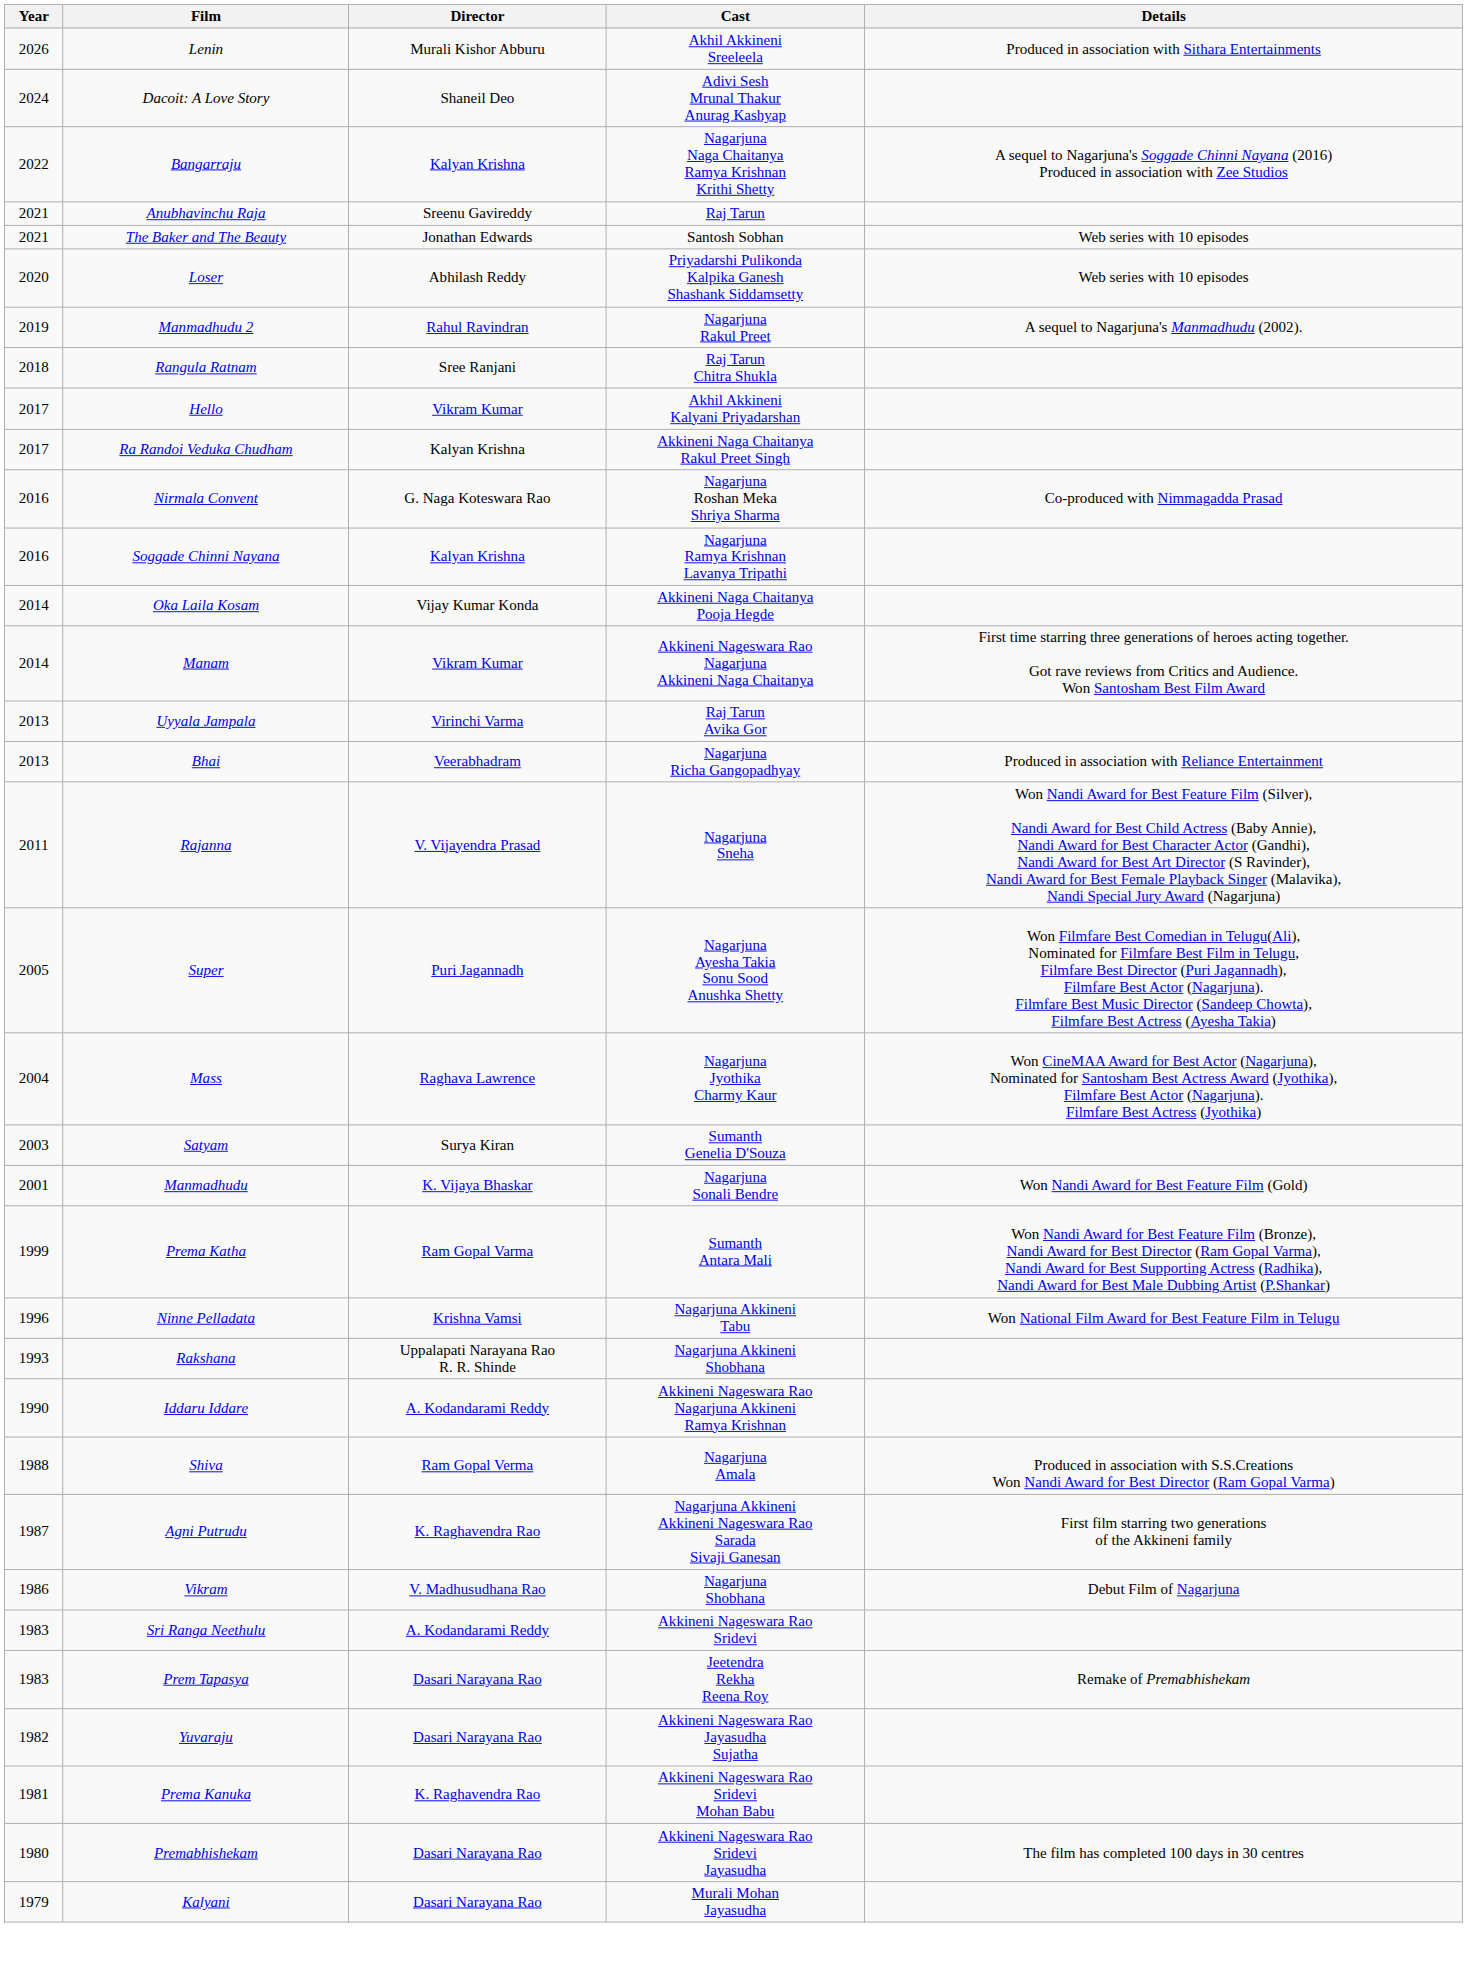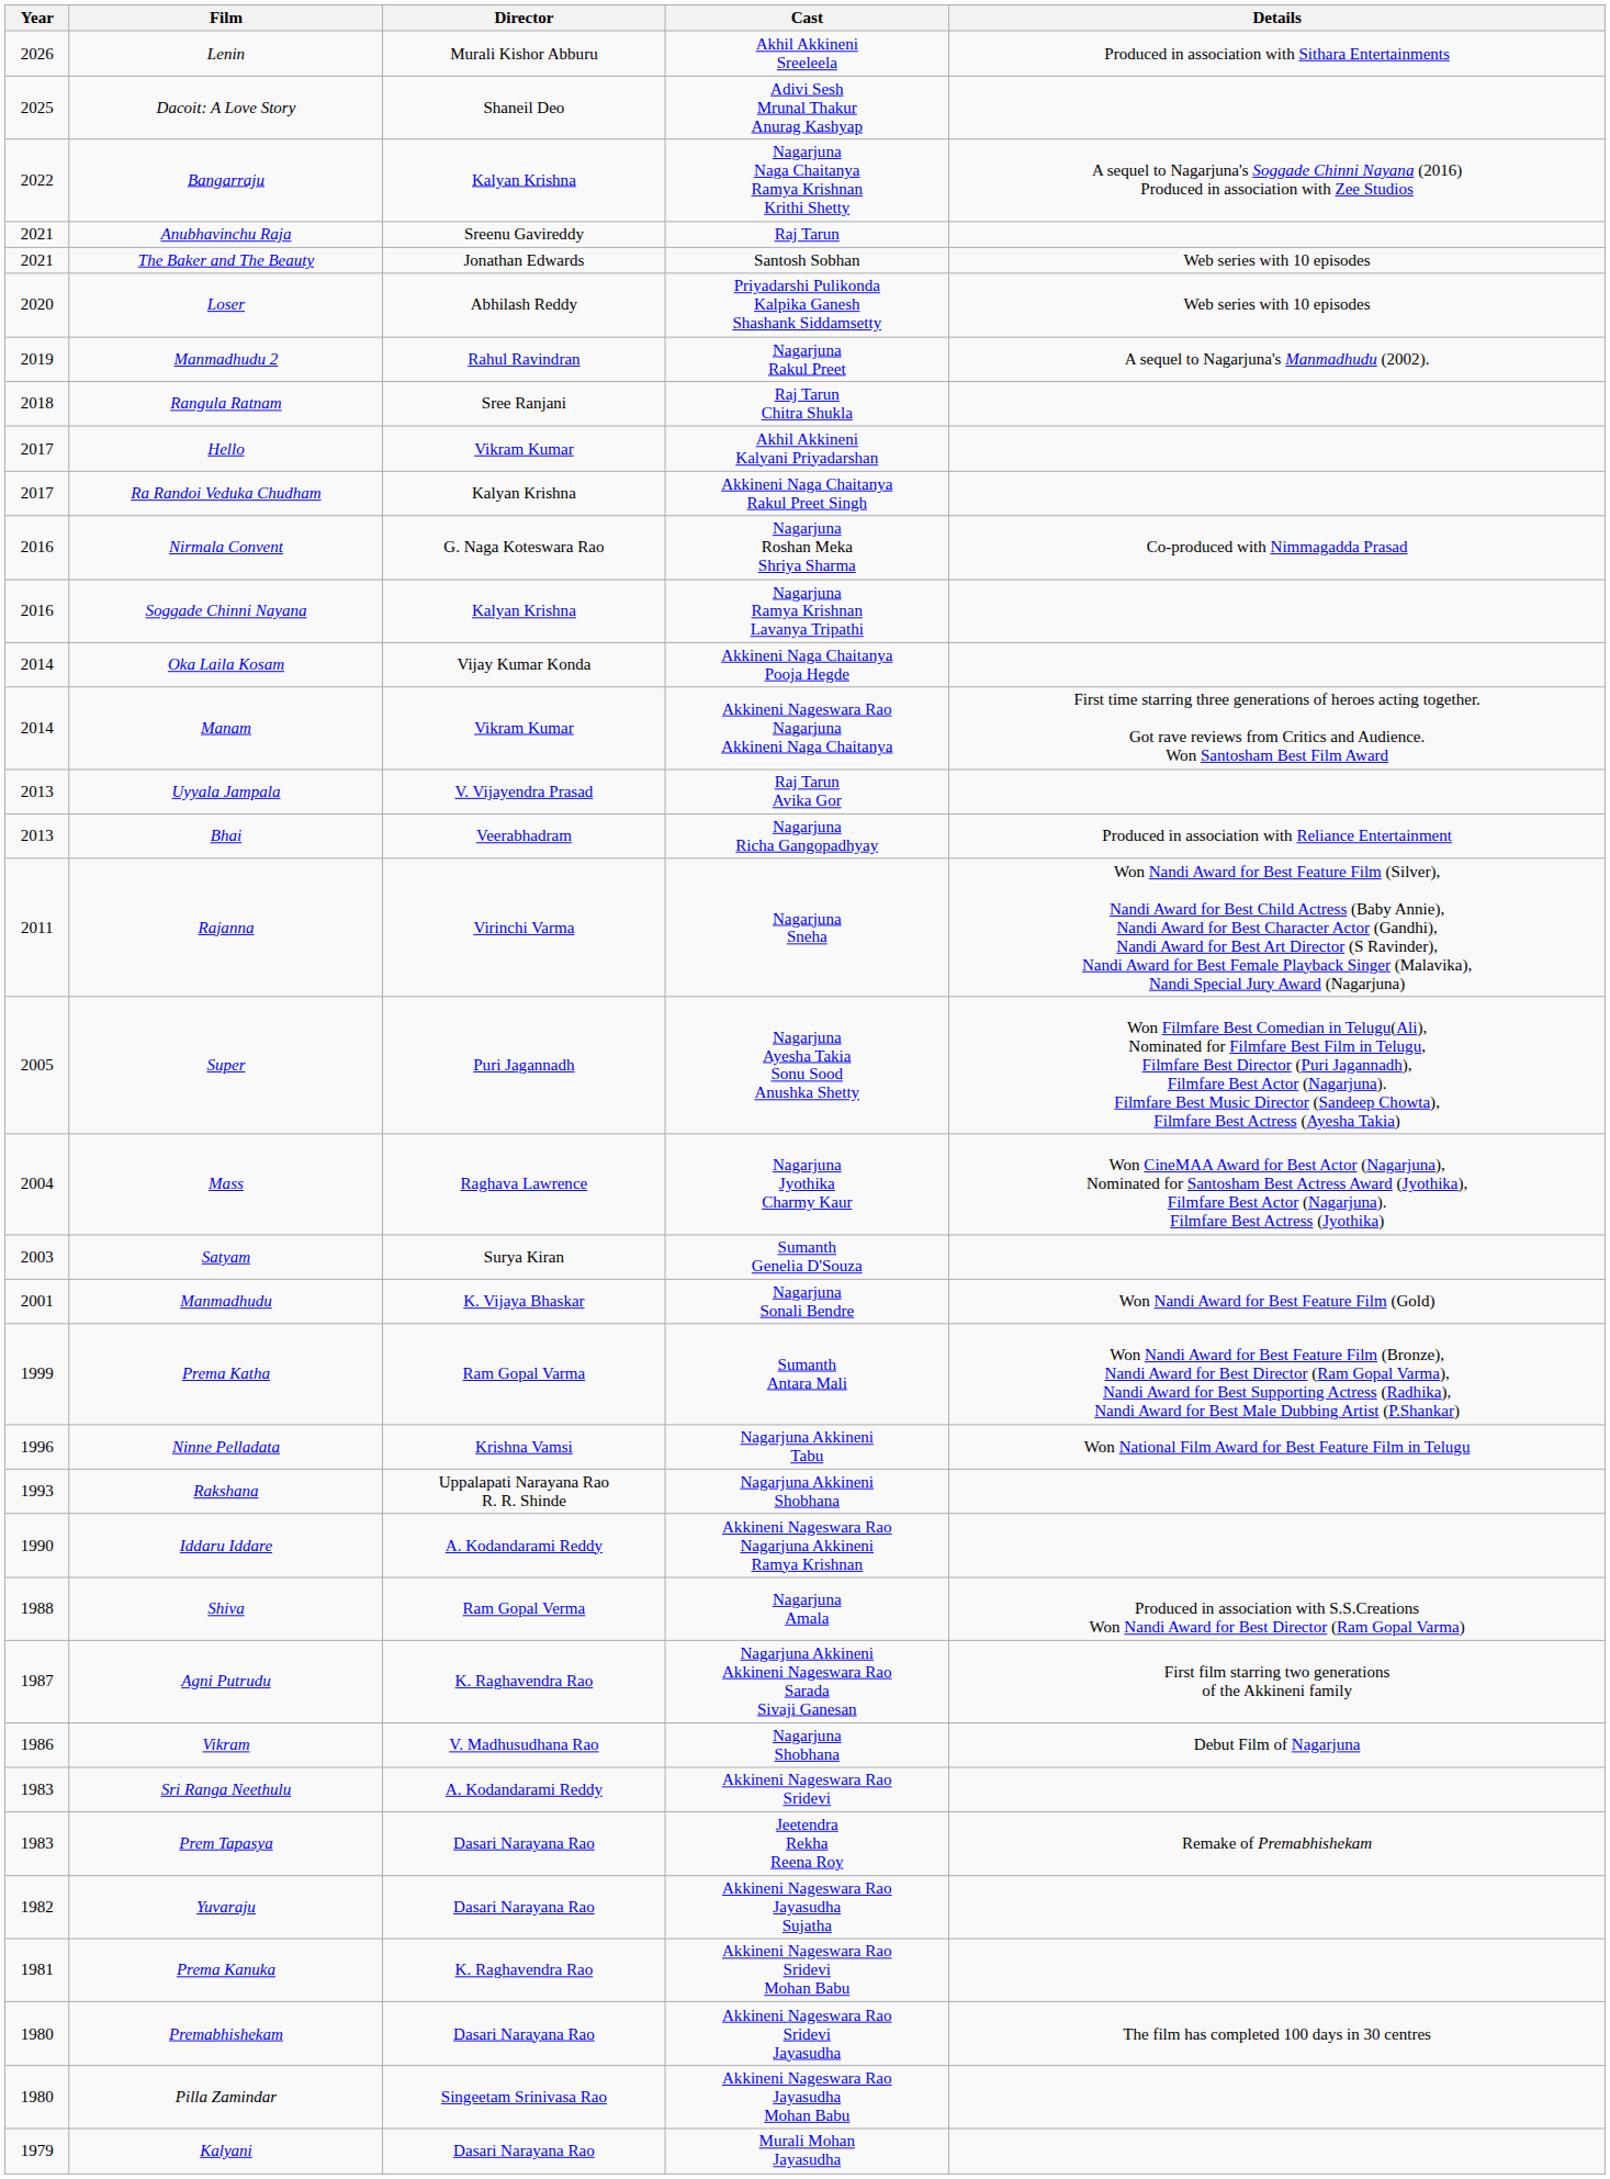 <table class="wikitable sortable"  style="text-align:center; width:98%;">
 <tr>
 <th>Year</th>
 <th>Film</th>
 <th>Director</th>
 <th>Cast</th>
 <th>Details</th>
 </tr>
 <tr>
 <td>2026</td>
 <td><em>Lenin</em></td>
 <td>Murali Kishor Abburu</td>
 <td><a href='#'>Akhil Akkineni</a>  <br> <a href='#'>Sreeleela</a></td>
 <td>Produced in association with <a href='#'>Sithara Entertainments</a></td>
 </tr>
 <tr>
-<td>2024</td>
+<td>2025</td>
 <td><em>Dacoit: A Love Story</em></td>
 <td>Shaneil Deo</td>
 <td><a href='#'>Adivi Sesh</a><br><a href='#'>Mrunal Thakur</a><br><a href='#'>Anurag Kashyap</a></td>
 <td></td>
 </tr>
 <tr>
 <td>2022</td>
 <td><em><a href='#'>Bangarraju</a></em></td>
 <td><a href='#'>Kalyan Krishna</a></td>
 <td><a href='#'>Nagarjuna</a><br><a href='#'>Naga Chaitanya</a><br><a href='#'>Ramya Krishnan</a><br><a href='#'>Krithi Shetty</a></td>
 <td>A sequel to Nagarjuna's <em><a href='#'>Soggade Chinni Nayana</a></em> (2016)<br>Produced in association with <a href='#'>Zee Studios</a></td>
 </tr>
 <tr>
 <td>2021</td>
 <td><em><a href='#'>Anubhavinchu Raja</a></em></td>
 <td>Sreenu Gavireddy</td>
 <td><a href='#'>Raj Tarun</a></td>
 <td></td>
 </tr>
 <tr>
 <td>2021</td>
 <td><a href='#'><em>The Baker and The Beauty</em></a></td>
 <td>Jonathan Edwards</td>
 <td>Santosh Sobhan</td>
 <td>Web series with 10 episodes</td>
 </tr>
 <tr>
 <td>2020</td>
 <td><em><a href='#'>Loser</a></em></td>
 <td>Abhilash Reddy</td>
 <td><a href='#'>Priyadarshi Pulikonda</a><br><a href='#'>Kalpika Ganesh</a><br><a href='#'>Shashank Siddamsetty</a></td>
 <td>Web series with 10 episodes</td>
 </tr>
 <tr>
 <td>2019</td>
 <td><em><a href='#'>Manmadhudu 2</a></em></td>
 <td><a href='#'>Rahul Ravindran</a></td>
 <td><a href='#'>Nagarjuna</a>  <br> <a href='#'>Rakul Preet</a></td>
 <td>A sequel to Nagarjuna's <em><a href='#'>Manmadhudu</a></em> (2002).</td>
 </tr>
 <tr>
 <td>2018</td>
 <td><em><a href='#'>Rangula Ratnam</a></em></td>
 <td>Sree Ranjani</td>
 <td><a href='#'>Raj Tarun</a>  <br> <a href='#'>Chitra Shukla</a></td>
 <td></td>
 </tr>
 <tr>
 <td>2017</td>
 <td><em><a href='#'>Hello</a> </em></td>
 <td><a href='#'>Vikram Kumar</a></td>
 <td><a href='#'>Akhil Akkineni</a>  <br> <a href='#'>Kalyani Priyadarshan</a></td>
 <td></td>
 </tr>
 <tr>
 <td>2017</td>
 <td><em><a href='#'>Ra Randoi Veduka Chudham</a> </em></td>
 <td>Kalyan Krishna</td>
 <td><a href='#'>Akkineni Naga Chaitanya</a> <br> <a href='#'>Rakul Preet Singh</a></td>
 <td></td>
 </tr>
 <tr>
 <td>2016</td>
 <td><em><a href='#'>Nirmala Convent</a> </em></td>
 <td>G. Naga Koteswara Rao</td>
 <td><a href='#'>Nagarjuna</a><br> Roshan Meka <br><a href='#'>Shriya Sharma</a></td>
 <td>Co-produced with <a href='#'>Nimmagadda Prasad</a></td>
 </tr>
 <tr>
 <td>2016</td>
 <td><em><a href='#'>Soggade Chinni Nayana</a> </em></td>
 <td><a href='#'>Kalyan Krishna</a></td>
 <td><a href='#'>Nagarjuna</a><br><a href='#'>Ramya Krishnan</a><br><a href='#'>Lavanya Tripathi</a></td>
 <td></td>
 </tr>
 <tr>
 <td>2014</td>
 <td><em><a href='#'>Oka Laila Kosam</a> </em></td>
 <td>Vijay Kumar Konda</td>
 <td><a href='#'>Akkineni Naga Chaitanya</a> <br> <a href='#'>Pooja Hegde</a></td>
 <td></td>
 </tr>
 <tr>
 <td>2014</td>
 <td><em><a href='#'>Manam</a></em></td>
 <td><a href='#'>Vikram Kumar</a></td>
 <td><a href='#'>Akkineni Nageswara Rao</a><br><a href='#'>Nagarjuna</a><br><a href='#'>Akkineni Naga Chaitanya</a></td>
 <td>First time starring three generations of heroes acting together.<br><br>Got rave reviews from Critics and Audience.<br>Won <a href='#'>Santosham Best Film Award</a></td>
 </tr>
 <tr>
 <td>2013</td>
 <td><em><a href='#'>Uyyala Jampala</a></em></td>
-<td><a href='#'>Virinchi Varma</a></td>
+<td><a href='#'>V. Vijayendra Prasad</a></td>
 <td><a href='#'>Raj Tarun</a><br><a href='#'>Avika Gor</a></td>
 <td></td>
 </tr>
 <tr>
 <td>2013</td>
 <td><em><a href='#'>Bhai</a></em></td>
 <td><a href='#'>Veerabhadram</a></td>
 <td><a href='#'>Nagarjuna</a><br><a href='#'>Richa Gangopadhyay</a></td>
 <td>Produced in association with <a href='#'>Reliance Entertainment</a></td>
 </tr>
 <tr>
 <td>2011</td>
 <td><em><a href='#'>Rajanna</a></em></td>
-<td><a href='#'>V. Vijayendra Prasad</a></td>
+<td><a href='#'>Virinchi Varma</a></td>
 <td><a href='#'>Nagarjuna</a><br><a href='#'>Sneha</a></td>
 <td>Won <a href='#'>Nandi Award for Best Feature Film</a> (Silver),<br><br><a href='#'>Nandi Award for Best Child Actress</a> (Baby Annie),<br> <a href='#'>Nandi Award for Best Character Actor</a> (Gandhi),<br> <a href='#'>Nandi Award for Best Art Director</a> (S Ravinder),<br> <a href='#'>Nandi Award for Best Female Playback Singer</a> (Malavika),<br> <a href='#'>Nandi Special Jury Award</a> (Nagarjuna)</td>
 </tr>
 <tr>
 <td>2005</td>
 <td><em><a href='#'>Super</a></em></td>
 <td><a href='#'>Puri Jagannadh</a></td>
 <td><a href='#'>Nagarjuna</a><br><a href='#'>Ayesha Takia</a><br><a href='#'>Sonu Sood</a><br><a href='#'>Anushka Shetty</a></td>
 <td><br>Won <a href='#'>Filmfare Best Comedian in Telugu</a>(<a href='#'>Ali</a>),<br> Nominated for <a href='#'>Filmfare Best Film in Telugu</a>,<br> <a href='#'>Filmfare Best Director</a> (<a href='#'>Puri Jagannadh</a>),<br> <a href='#'>Filmfare Best Actor</a> (<a href='#'>Nagarjuna</a>).<br> <a href='#'>Filmfare Best Music Director</a> (<a href='#'>Sandeep Chowta</a>),<br> <a href='#'>Filmfare Best Actress</a> (<a href='#'>Ayesha Takia</a>)</td>
 </tr>
 <tr>
 <td>2004</td>
 <td><em><a href='#'>Mass</a></em></td>
 <td><a href='#'>Raghava Lawrence</a></td>
 <td><a href='#'>Nagarjuna</a><br><a href='#'>Jyothika</a><br><a href='#'>Charmy Kaur</a></td>
 <td><br>Won <a href='#'>CineMAA Award for Best Actor</a> (<a href='#'>Nagarjuna</a>), <br> Nominated for <a href='#'>Santosham Best Actress Award</a> (<a href='#'>Jyothika</a>),<br> <a href='#'>Filmfare Best Actor</a> (<a href='#'>Nagarjuna</a>).<br> <a href='#'>Filmfare Best Actress</a> (<a href='#'>Jyothika</a>)</td>
 </tr>
 <tr>
 <td>2003</td>
 <td><em><a href='#'>Satyam</a></em></td>
 <td>Surya Kiran</td>
 <td><a href='#'>Sumanth</a><br><a href='#'>Genelia D'Souza</a></td>
 <td></td>
 </tr>
 <tr>
 <td>2001</td>
 <td><em><a href='#'>Manmadhudu</a></em></td>
 <td><a href='#'>K. Vijaya Bhaskar</a></td>
 <td><a href='#'>Nagarjuna</a><br><a href='#'>Sonali Bendre</a></td>
 <td>Won <a href='#'>Nandi Award for Best Feature Film</a> (Gold)</td>
 </tr>
 <tr>
 <td>1999</td>
 <td><em><a href='#'>Prema Katha</a></em></td>
 <td><a href='#'>Ram Gopal Varma</a></td>
 <td><a href='#'>Sumanth</a><br><a href='#'>Antara Mali</a></td>
 <td><br>Won <a href='#'>Nandi Award for Best Feature Film</a> (Bronze),<br> <a href='#'>Nandi Award for Best Director</a> (<a href='#'>Ram Gopal Varma</a>),<br> <a href='#'>Nandi Award for Best Supporting Actress</a> (<a href='#'>Radhika</a>),<br> <a href='#'>Nandi Award for Best Male Dubbing Artist</a> (<a href='#'>P.Shankar</a>)</td>
 </tr>
 <tr>
 <td>1996</td>
 <td><em><a href='#'>Ninne Pelladata</a></em></td>
 <td><a href='#'>Krishna Vamsi</a></td>
 <td><a href='#'>Nagarjuna Akkineni</a><br><a href='#'>Tabu</a></td>
 <td>Won <a href='#'>National Film Award for Best Feature Film in Telugu</a></td>
 </tr>
 <tr>
 <td>1993</td>
 <td><em><a href='#'>Rakshana</a></em></td>
 <td>Uppalapati Narayana Rao<br>R. R. Shinde</td>
 <td><a href='#'>Nagarjuna Akkineni</a><br><a href='#'>Shobhana</a></td>
 <td></td>
 </tr>
 <tr>
 <td>1990</td>
 <td><em><a href='#'>Iddaru Iddare</a></em></td>
 <td><a href='#'>A. Kodandarami Reddy</a></td>
 <td><a href='#'>Akkineni Nageswara Rao</a><br><a href='#'>Nagarjuna Akkineni</a><br><a href='#'>Ramya Krishnan</a></td>
 <td></td>
 </tr>
 <tr>
 <td>1988</td>
 <td><em><a href='#'>Shiva</a></em></td>
 <td><a href='#'>Ram Gopal Verma</a></td>
 <td><a href='#'>Nagarjuna</a><br><a href='#'>Amala</a></td>
 <td><br>Produced in association with S.S.Creations<br> Won <a href='#'>Nandi Award for Best Director</a> (<a href='#'>Ram Gopal Varma</a>)</td>
 </tr>
 <tr>
 <td>1987</td>
 <td><em><a href='#'>Agni Putrudu</a></em></td>
 <td><a href='#'>K. Raghavendra Rao</a></td>
 <td><a href='#'>Nagarjuna Akkineni</a><br><a href='#'>Akkineni Nageswara Rao</a><br> <a href='#'>Sarada</a><br><a href='#'>Sivaji Ganesan</a></td>
 <td>First film starring two generations <br>of the Akkineni family</td>
 </tr>
 <tr>
 <td>1986</td>
 <td><em><a href='#'>Vikram</a></em></td>
 <td><a href='#'>V. Madhusudhana Rao</a></td>
 <td><a href='#'>Nagarjuna</a><br><a href='#'>Shobhana</a></td>
 <td>Debut Film of <a href='#'>Nagarjuna</a></td>
 </tr>
 <tr>
 <td>1983</td>
 <td><em><a href='#'>Sri Ranga Neethulu</a></em></td>
 <td><a href='#'>A. Kodandarami Reddy</a></td>
 <td><a href='#'>Akkineni Nageswara Rao</a><br><a href='#'>Sridevi</a></td>
 <td></td>
 </tr>
 <tr>
 <td>1983</td>
 <td><em><a href='#'>Prem Tapasya</a></em></td>
 <td><a href='#'>Dasari Narayana Rao</a></td>
 <td><a href='#'>Jeetendra</a><br><a href='#'>Rekha</a><br><a href='#'>Reena Roy</a></td>
 <td>Remake of <em>Premabhishekam</em></td>
 </tr>
 <tr>
 <td>1982</td>
 <td><em><a href='#'>Yuvaraju</a></em></td>
 <td><a href='#'>Dasari Narayana Rao</a></td>
 <td><a href='#'>Akkineni Nageswara Rao</a><br><a href='#'>Jayasudha</a><br><a href='#'>Sujatha</a></td>
 <td></td>
 </tr>
 <tr>
 <td>1981</td>
 <td><em><a href='#'>Prema Kanuka</a></em></td>
 <td><a href='#'>K. Raghavendra Rao</a></td>
 <td><a href='#'>Akkineni Nageswara Rao</a><br><a href='#'>Sridevi</a><br><a href='#'>Mohan Babu</a></td>
 <td></td>
 </tr>
 <tr>
 <td>1980</td>
 <td><em><a href='#'>Premabhishekam</a></em></td>
 <td><a href='#'>Dasari Narayana Rao</a></td>
 <td><a href='#'>Akkineni Nageswara Rao</a><br><a href='#'>Sridevi</a><br><a href='#'>Jayasudha</a></td>
 <td>The film has completed 100 days in 30 centres</td>
 </tr>
 <tr>
+<td>1980</td>
+<td><em>Pilla Zamindar</em></td>
+<td><a href='#'>Singeetam Srinivasa Rao</a></td>
+<td><a href='#'>Akkineni Nageswara Rao</a><br><a href='#'>Jayasudha</a><br><a href='#'>Mohan Babu</a></td>
+<td></td>
+</tr>
+<tr>
 <td>1979</td>
 <td><em><a href='#'>Kalyani</a></em></td>
 <td><a href='#'>Dasari Narayana Rao</a></td>
 <td><a href='#'>Murali Mohan</a><br><a href='#'>Jayasudha</a></td>
 <td></td>
 </tr>
 </table>
